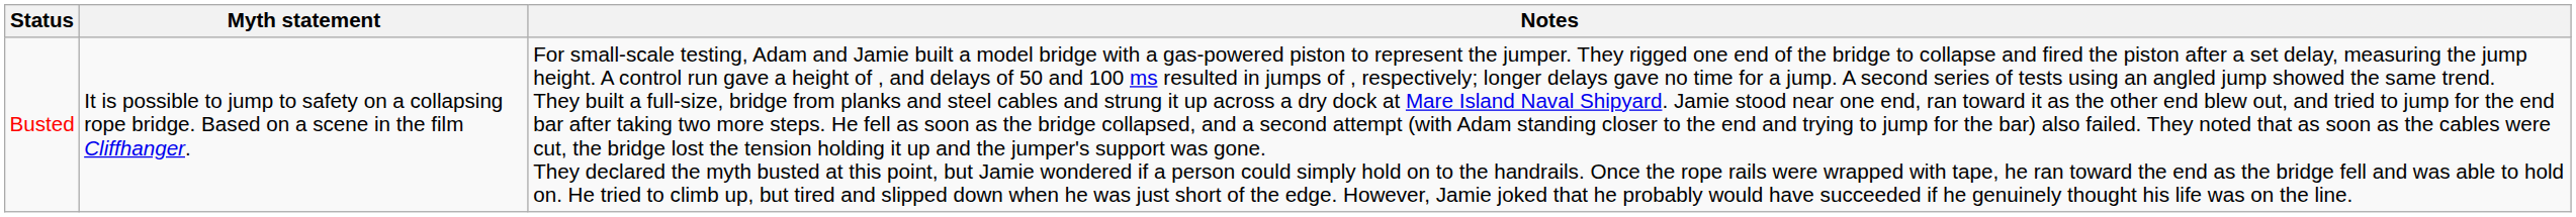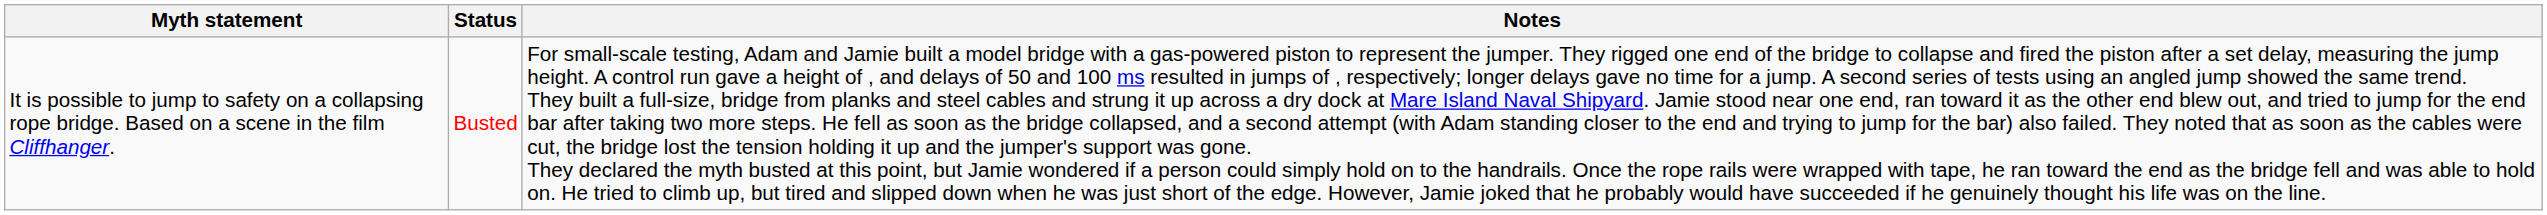 <table class="wikitable plainrowheaders">
 <tr>
+<th>Myth statement</th>
 <th>Status</th>
-<th>Myth statement</th>
 <th>Notes</th>
 </tr>
 <tr>
+<td>It is possible to jump to safety on a collapsing rope bridge. Based on a scene in the film <em><a href='#'>Cliffhanger</a></em>.</td>
 <td style="color:red">Busted</td>
-<td>It is possible to jump to safety on a collapsing rope bridge. Based on a scene in the film <em><a href='#'>Cliffhanger</a></em>.</td>
 <td>For small-scale testing, Adam and Jamie built a model bridge with a gas-powered piston to represent the jumper. They rigged one end of the bridge to collapse and fired the piston after a set delay, measuring the jump height. A control run gave a height of , and delays of 50 and 100 <a href='#'>ms</a> resulted in jumps of , respectively; longer delays gave no time for a jump. A second series of tests using an angled jump showed the same trend.<br>They built a full-size,  bridge from planks and steel cables and strung it up across a dry dock at <a href='#'>Mare Island Naval Shipyard</a>. Jamie stood near one end, ran toward it as the other end blew out, and tried to jump for the end bar after taking two more steps. He fell as soon as the bridge collapsed, and a second attempt (with Adam standing closer to the end and trying to jump for the bar) also failed. They noted that as soon as the cables were cut, the bridge lost the tension holding it up and the jumper's support was gone.<br>They declared the myth busted at this point, but Jamie wondered if a person could simply hold on to the handrails. Once the rope rails were wrapped with tape, he ran toward the end as the bridge fell and was able to hold on. He tried to climb up, but tired and slipped down when he was just short of the edge. However, Jamie joked that he probably would have succeeded if he genuinely thought his life was on the line.</td>
 </tr>
 </table>
